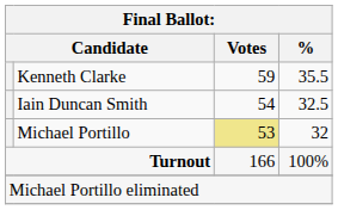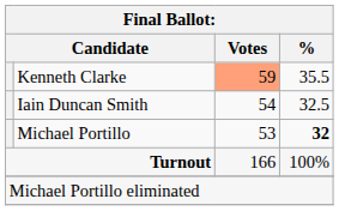 <table class="wikitable" style="font-size: 95%;">
 <tr>
 <th colspan="4">Final Ballot:</th>
 </tr>
 <tr>
 <th colspan="2" style="width: 170px">Candidate</th>
 <th style="width: 50px">Votes</th>
 <th style="width: 40px">%</th>
 </tr>
 <tr>
 <th style="background-color: "></th>
 <td style="width: 170px">Kenneth Clarke</td>
-<td align="right">59</td>
+<td align="right" style="background: lightsalmon;">59</td>
 <td align="right">35.5</td>
 </tr>
 <tr>
 <th style="background-color: "></th>
 <td style="width: 170px">Iain Duncan Smith</td>
 <td align="right">54</td>
 <td align="right">32.5</td>
 </tr>
 <tr>
 <th style="background-color: "></th>
 <td style="width: 170px">Michael Portillo</td>
-<td align="right" style="background: khaki;">53</td>
-<td align="right">32</td>
+<td align="right">53</td>
+<td align="right"><strong>32</strong></td>
 </tr>
 <tr style="background-color:#F6F6F6">
 <td colspan="2" align="right"><strong>Turnout</strong></td>
 <td align="right">166</td>
 <td align="right">100%</td>
 </tr>
 <tr>
 </tr>
 <tr style="background-color:#F6F6F6">
 <td colspan="4">Michael Portillo eliminated</td>
 </tr>
 <tr>
 </tr>
 </table>
